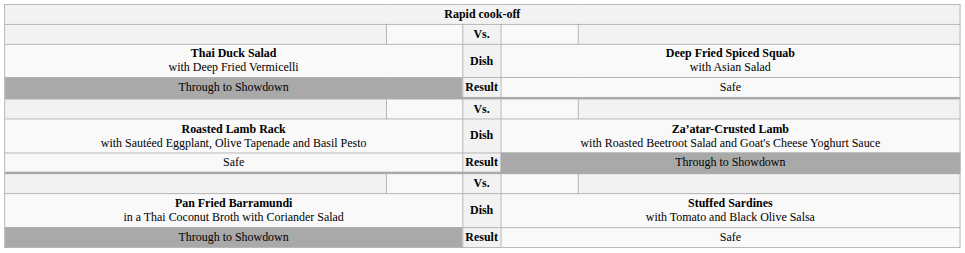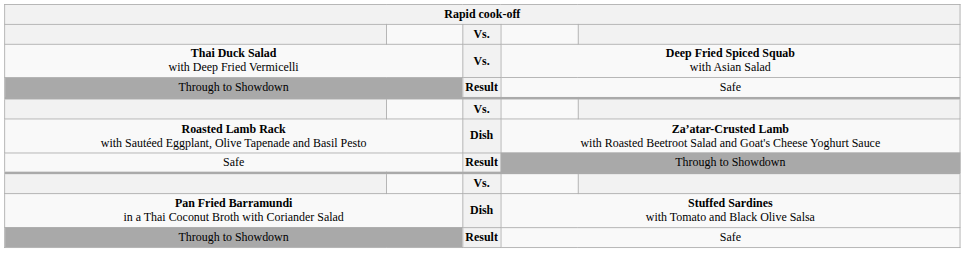 <table class="wikitable plainrowheaders" style="margin:1em auto; text-align:center; font-size:90%; width:80em;">
 <tr>
 <th colspan="5" >Rapid cook-off</th>
 </tr>
 <tr>
 <th style="width:40%;"></th>
 <td></td>
 <th>Vs.</th>
 <td></td>
 <th style="width:40%;"></th>
 </tr>
 <tr>
 <td colspan="2"><strong>Thai Duck Salad</strong><br>with Deep Fried Vermicelli</td>
-<th>Dish</th>
+<th>Vs.</th>
 <td colspan="2"><strong>Deep Fried Spiced Squab</strong><br>with Asian Salad</td>
 </tr>
 <tr>
 <td colspan="2" style="background:#A9A9A9">Through to Showdown</td>
 <th>Result</th>
 <td colspan="2">Safe</td>
 </tr>
 <tr style="border-top:3px solid #aaa;">
 <th style="width:40%;"></th>
 <td></td>
 <th>Vs.</th>
 <td></td>
 <th style="width:40%;"></th>
 </tr>
 <tr>
 <td colspan="2"><strong>Roasted Lamb Rack</strong><br>with Sautéed Eggplant, Olive Tapenade and Basil Pesto</td>
 <th>Dish</th>
 <td colspan="2"><strong>Za’atar-Crusted Lamb</strong><br>with Roasted Beetroot Salad and Goat's Cheese Yoghurt Sauce</td>
 </tr>
 <tr>
 <td colspan="2">Safe</td>
 <th>Result</th>
 <td colspan="2" style="background:#A9A9A9">Through to Showdown</td>
 </tr>
 <tr style="border-top:3px solid #aaa;">
 <th style="width:40%;"></th>
 <td></td>
 <th>Vs.</th>
 <td></td>
 <th style="width:40%;"></th>
 </tr>
 <tr>
 <td colspan="2"><strong>Pan Fried Barramundi</strong><br>in a Thai Coconut Broth with Coriander Salad</td>
 <th>Dish</th>
 <td colspan="2"><strong>Stuffed Sardines</strong><br>with Tomato and Black Olive Salsa</td>
 </tr>
 <tr>
 <td colspan="2" style="background:#A9A9A9">Through to Showdown</td>
 <th>Result</th>
 <td colspan="2">Safe</td>
 </tr>
 </table>
